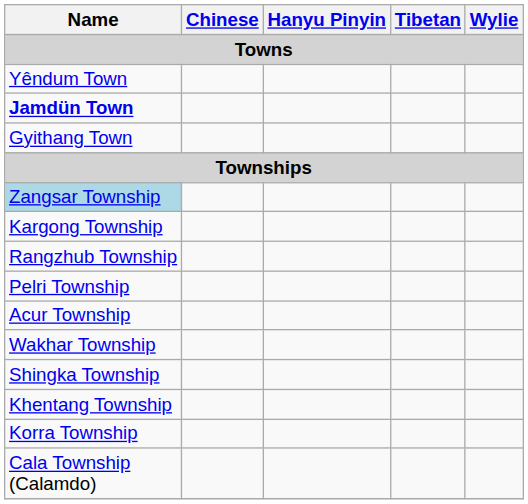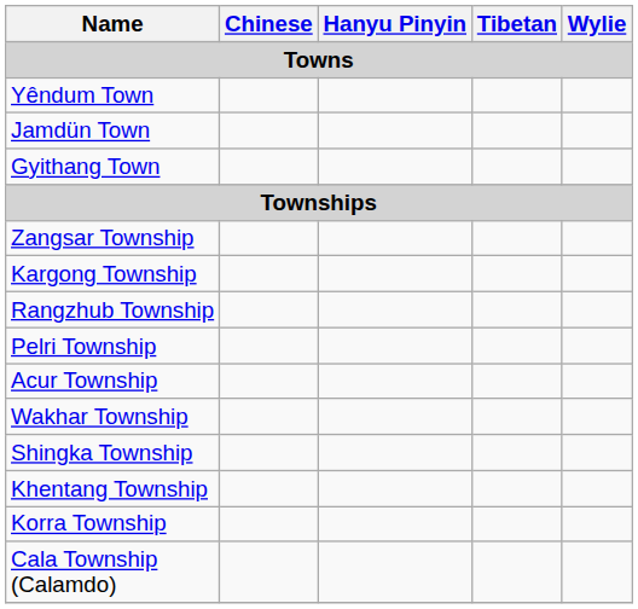 <table class="wikitable"  style="font-size:90%;" align=center>
 <tr>
 <th>Name</th>
 <th><a href='#'>Chinese</a></th>
 <th><a href='#'>Hanyu Pinyin</a></th>
 <th><a href='#'>Tibetan</a></th>
 <th><a href='#'>Wylie</a></th>
 </tr>
 <tr --------->
 <td colspan="7"  style="text-align:center; background:#d3d3d3;"><strong>Towns</strong></td>
 </tr>
 <tr --------->
 <td><a href='#'>Yêndum Town</a></td>
 <td></td>
 <td></td>
 <td></td>
 <td></td>
 </tr>
 <tr>
-<td><strong><a href='#'>Jamdün Town</a></strong></td>
+<td><a href='#'>Jamdün Town</a></td>
 <td></td>
 <td></td>
 <td></td>
 <td></td>
 </tr>
 <tr>
 <td><a href='#'>Gyithang Town</a></td>
 <td></td>
 <td></td>
 <td></td>
 <td></td>
 </tr>
 <tr --------->
 <td colspan="7"  style="text-align:center; background:#d3d3d3;"><strong>Townships</strong></td>
 </tr>
 <tr --------->
-<td style="background: lightblue;"><a href='#'>Zangsar Township</a></td>
+<td><a href='#'>Zangsar Township</a></td>
 <td></td>
 <td></td>
 <td></td>
 <td></td>
 </tr>
 <tr>
 <td><a href='#'>Kargong Township</a></td>
 <td></td>
 <td></td>
 <td></td>
 <td></td>
 </tr>
 <tr>
 <td><a href='#'>Rangzhub Township</a></td>
 <td></td>
 <td></td>
 <td></td>
 <td></td>
 </tr>
 <tr>
 <td><a href='#'>Pelri Township</a></td>
 <td></td>
 <td></td>
 <td></td>
 <td></td>
 </tr>
 <tr>
 <td><a href='#'>Acur Township</a></td>
 <td></td>
 <td></td>
 <td></td>
 <td></td>
 </tr>
 <tr>
 <td><a href='#'>Wakhar Township</a></td>
 <td></td>
 <td></td>
 <td></td>
 <td></td>
 </tr>
 <tr>
 <td><a href='#'>Shingka Township</a></td>
 <td></td>
 <td></td>
 <td></td>
 <td></td>
 </tr>
 <tr>
 <td><a href='#'>Khentang Township</a></td>
 <td></td>
 <td></td>
 <td></td>
 <td></td>
 </tr>
 <tr>
 <td><a href='#'>Korra Township</a></td>
 <td></td>
 <td></td>
 <td></td>
 <td></td>
 </tr>
 <tr>
 <td><a href='#'>Cala Township</a><br>(Calamdo)</td>
 <td></td>
 <td></td>
 <td></td>
 <td></td>
 </tr>
 <tr>
 </tr>
 </table>
